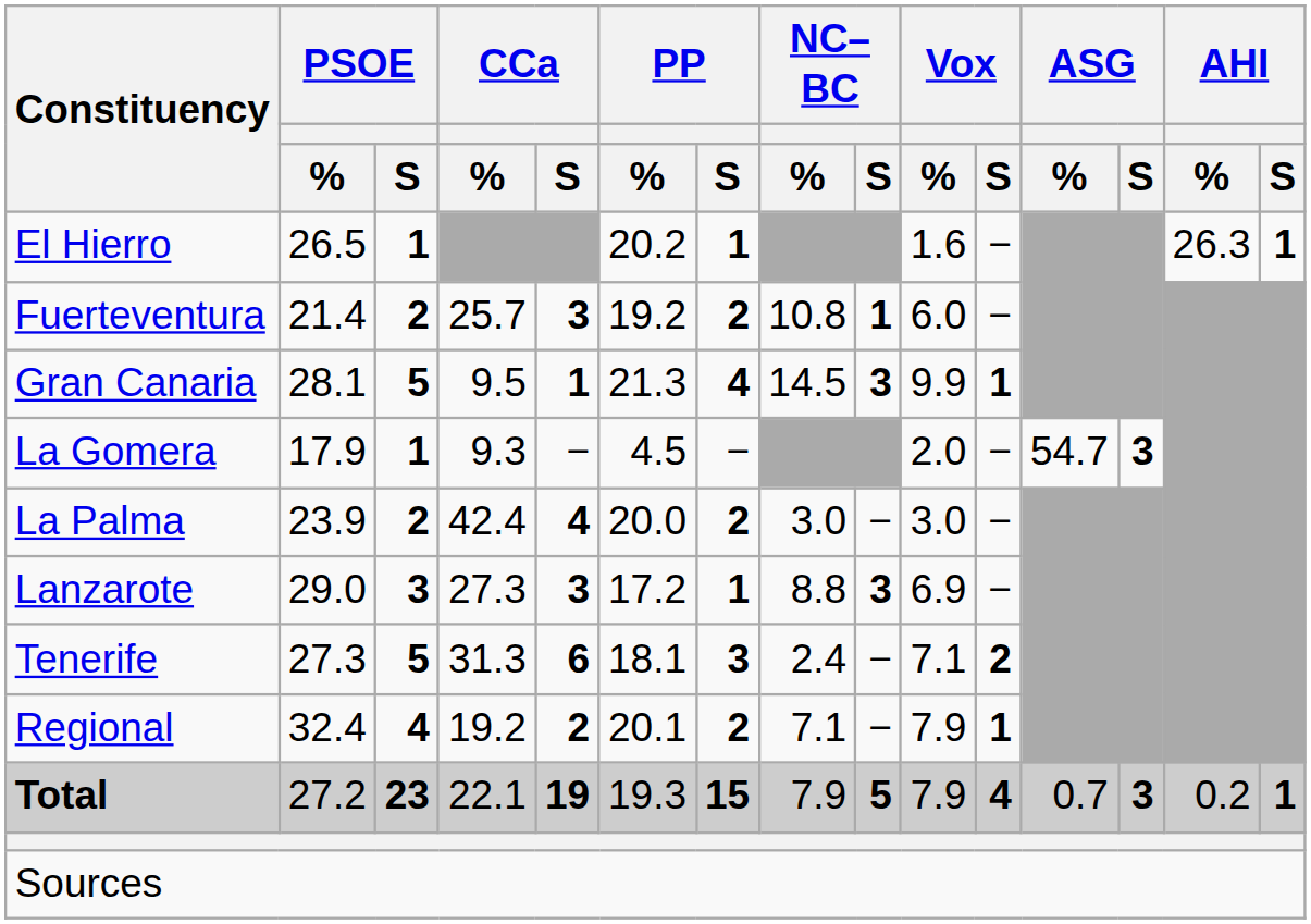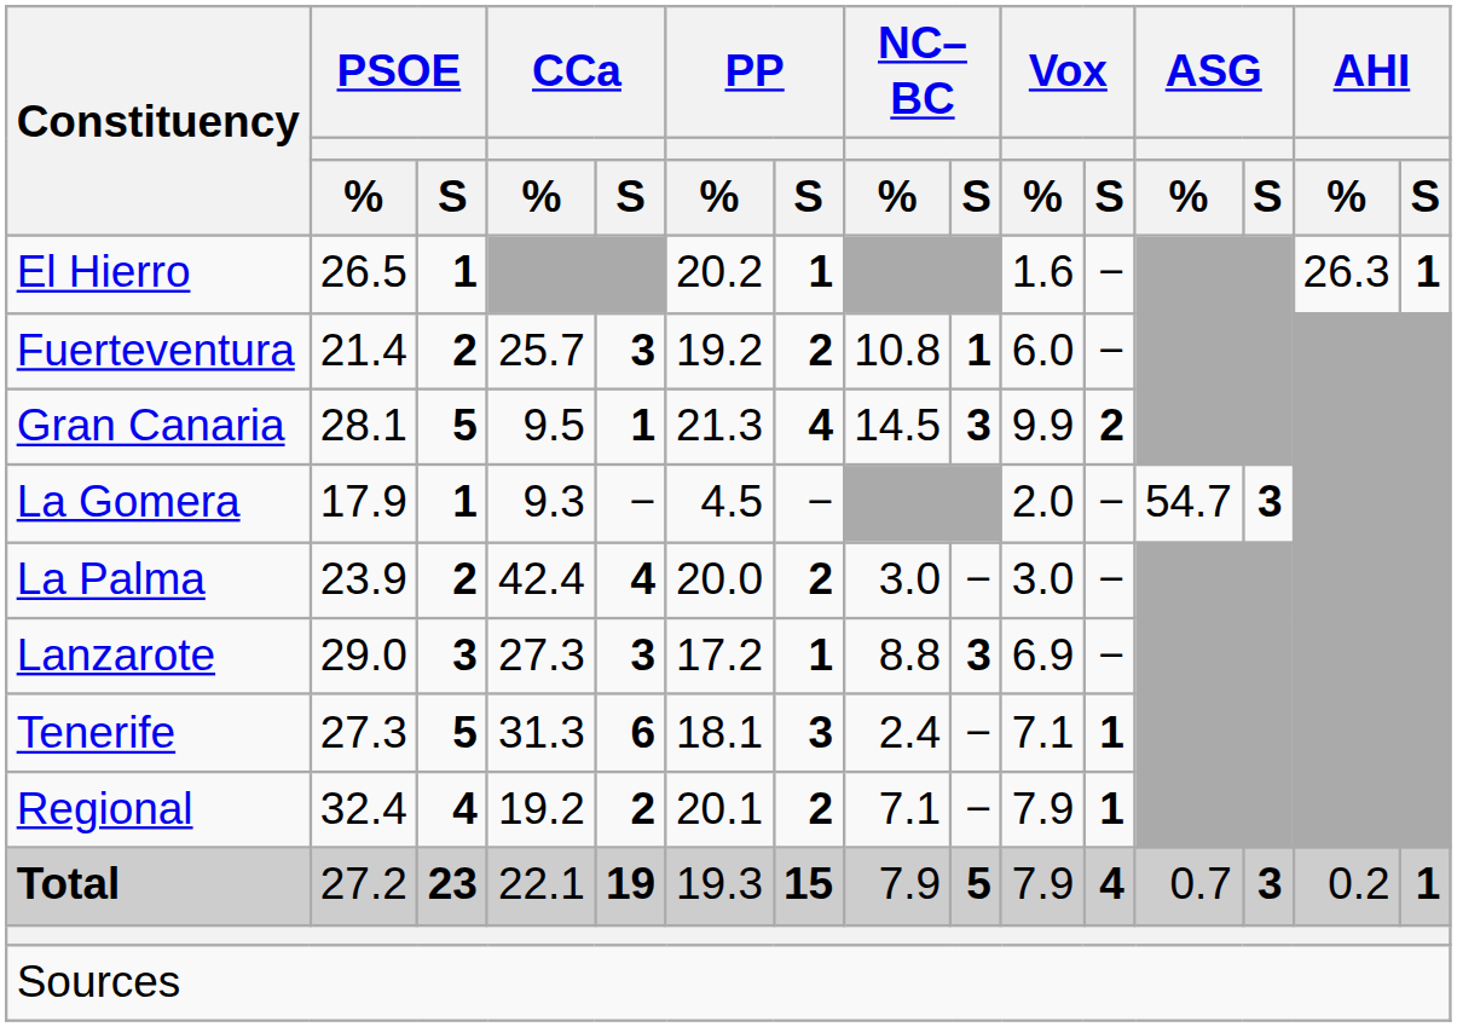 <table class="wikitable sortable" style="text-align:right; line-height:20px;">
 <tr>
 <th rowspan="3">Constituency</th>
 <th colspan="2" width="30px" class="unsortable"><a href='#'>PSOE</a></th>
 <th colspan="2" width="30px" class="unsortable"><a href='#'>CCa</a></th>
 <th colspan="2" width="30px" class="unsortable"><a href='#'>PP</a></th>
 <th colspan="2" width="30px" class="unsortable"><a href='#'>NC–BC</a></th>
 <th colspan="2" width="30px" class="unsortable"><a href='#'>Vox</a></th>
 <th colspan="2" width="30px" class="unsortable"><a href='#'>ASG</a></th>
 <th colspan="2" width="30px" class="unsortable"><a href='#'>AHI</a></th>
 </tr>
 <tr>
 <th colspan="2" style="background:"></th>
 <th colspan="2" style="background:"></th>
 <th colspan="2" style="background:"></th>
 <th colspan="2" style="background:"></th>
 <th colspan="2" style="background:"></th>
 <th colspan="2" style="background:"></th>
 <th colspan="2" style="background:"></th>
 </tr>
 <tr>
 <th data-sort-type="number">%</th>
 <th data-sort-type="number">S</th>
 <th data-sort-type="number">%</th>
 <th data-sort-type="number">S</th>
 <th data-sort-type="number">%</th>
 <th data-sort-type="number">S</th>
 <th data-sort-type="number">%</th>
 <th data-sort-type="number">S</th>
 <th data-sort-type="number">%</th>
 <th data-sort-type="number">S</th>
 <th data-sort-type="number">%</th>
 <th data-sort-type="number">S</th>
 <th data-sort-type="number">%</th>
 <th data-sort-type="number">S</th>
 </tr>
 <tr>
 <td align="left"><a href='#'>El Hierro</a></td>
 <td style="background:">26.5</td>
 <td><strong>1</strong></td>
 <td colspan="2" bgcolor="#AAAAAA"></td>
 <td>20.2</td>
 <td><strong>1</strong></td>
 <td colspan="2" bgcolor="#AAAAAA"></td>
 <td>1.6</td>
 <td>−</td>
 <td colspan="2" rowspan="3" bgcolor="#AAAAAA"></td>
 <td>26.3</td>
 <td><strong>1</strong></td>
 </tr>
 <tr>
 <td align="left"><a href='#'>Fuerteventura</a></td>
 <td>21.4</td>
 <td><strong>2</strong></td>
 <td style="background:">25.7</td>
 <td><strong>3</strong></td>
 <td>19.2</td>
 <td><strong>2</strong></td>
 <td>10.8</td>
 <td><strong>1</strong></td>
 <td>6.0</td>
 <td>−</td>
 <td colspan="2" rowspan="7" bgcolor="#AAAAAA"></td>
 </tr>
 <tr>
 <td align="left"><a href='#'>Gran Canaria</a></td>
 <td style="background:">28.1</td>
 <td><strong>5</strong></td>
 <td>9.5</td>
 <td><strong>1</strong></td>
 <td>21.3</td>
 <td><strong>4</strong></td>
 <td>14.5</td>
 <td><strong>3</strong></td>
 <td>9.9</td>
-<td><strong>1</strong></td>
+<td><strong>2</strong></td>
 </tr>
 <tr>
 <td align="left"><a href='#'>La Gomera</a></td>
 <td>17.9</td>
 <td><strong>1</strong></td>
 <td>9.3</td>
 <td>−</td>
 <td>4.5</td>
 <td>−</td>
 <td colspan="2" bgcolor="#AAAAAA"></td>
 <td>2.0</td>
 <td>−</td>
 <td style="background:">54.7</td>
 <td><strong>3</strong></td>
 </tr>
 <tr>
 <td align="left"><a href='#'>La Palma</a></td>
 <td>23.9</td>
 <td><strong>2</strong></td>
 <td style="background:">42.4</td>
 <td><strong>4</strong></td>
 <td>20.0</td>
 <td><strong>2</strong></td>
 <td>3.0</td>
 <td>−</td>
 <td>3.0</td>
 <td>−</td>
 <td colspan="2" rowspan="4" bgcolor="#AAAAAA"></td>
 </tr>
 <tr>
 <td align="left"><a href='#'>Lanzarote</a></td>
 <td style="background:">29.0</td>
 <td><strong>3</strong></td>
 <td>27.3</td>
 <td><strong>3</strong></td>
 <td>17.2</td>
 <td><strong>1</strong></td>
 <td>8.8</td>
 <td><strong>3</strong></td>
 <td>6.9</td>
 <td>−</td>
 </tr>
 <tr>
 <td align="left"><a href='#'>Tenerife</a></td>
 <td>27.3</td>
 <td><strong>5</strong></td>
 <td style="background:">31.3</td>
 <td><strong>6</strong></td>
 <td>18.1</td>
 <td><strong>3</strong></td>
 <td>2.4</td>
 <td>−</td>
 <td>7.1</td>
-<td><strong>2</strong></td>
+<td><strong>1</strong></td>
 </tr>
 <tr>
 <td align="left"><a href='#'>Regional</a></td>
 <td style="background:">32.4</td>
 <td><strong>4</strong></td>
 <td>19.2</td>
 <td><strong>2</strong></td>
 <td>20.1</td>
 <td><strong>2</strong></td>
 <td>7.1</td>
 <td>−</td>
 <td>7.9</td>
 <td><strong>1</strong></td>
 </tr>
 <tr style="background:#CDCDCD;">
 <td align="left"><strong>Total</strong></td>
 <td style="background:">27.2</td>
 <td><strong>23</strong></td>
 <td>22.1</td>
 <td><strong>19</strong></td>
 <td>19.3</td>
 <td><strong>15</strong></td>
 <td>7.9</td>
 <td><strong>5</strong></td>
 <td>7.9</td>
 <td><strong>4</strong></td>
 <td>0.7</td>
 <td><strong>3</strong></td>
 <td>0.2</td>
 <td><strong>1</strong></td>
 </tr>
 <tr>
 <th colspan="15"></th>
 </tr>
 <tr>
 <th style="text-align:left; font-weight:normal; background:#F9F9F9" colspan="15">Sources</th>
 </tr>
 </table>
